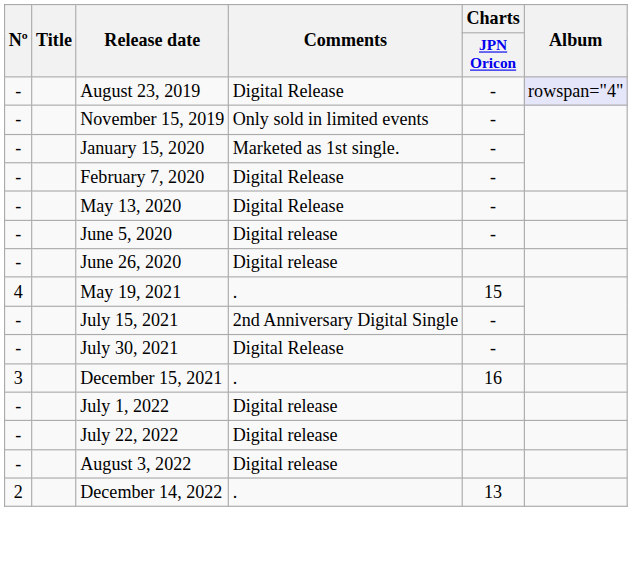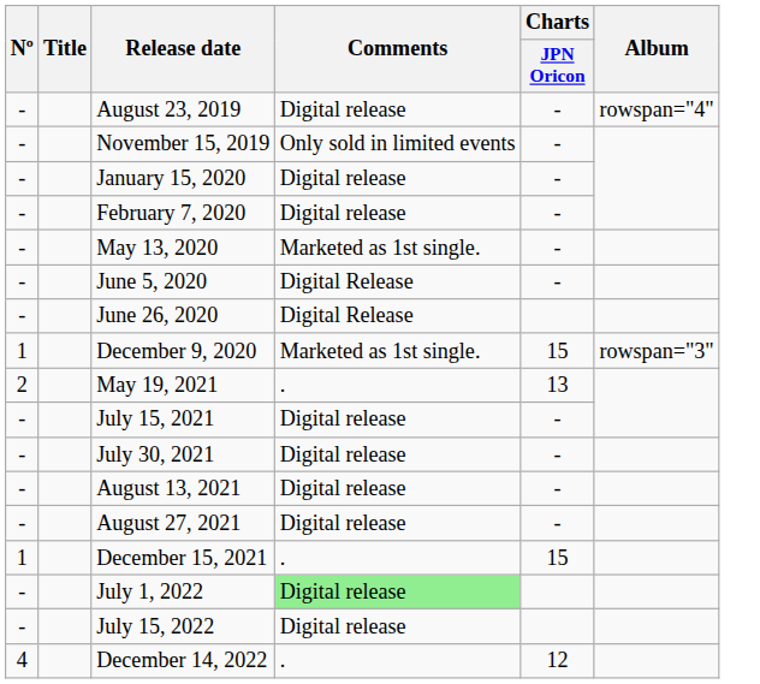 <table class="wikitable">
 <tr>
 <th rowspan="2">Nº</th>
 <th rowspan="2">Title</th>
 <th rowspan="2">Release date</th>
 <th rowspan="2">Comments</th>
 <th colspan="1">Charts</th>
 <th rowspan="2">Album</th>
 </tr>
 <tr>
 <th style="width:3em;font-size:85%;"><a href='#'>JPN<br>Oricon</a><br></th>
 </tr>
 <tr>
 <td align="center">-</td>
 <td></td>
 <td>August 23, 2019</td>
-<td>Digital Release</td>
+<td>Digital release</td>
 <td style="text-align:center;">-</td>
-<td style="background: lavender;">rowspan="4" </td>
+<td>rowspan="4" </td>
 </tr>
 <tr>
 <td align="center">-</td>
 <td></td>
 <td>November 15, 2019</td>
 <td>Only sold in limited events</td>
 <td style="text-align:center;">-</td>
 </tr>
 <tr>
 <td align="center">-</td>
 <td></td>
 <td>January 15, 2020</td>
-<td>Marketed as 1st single.</td>
+<td>Digital release</td>
 <td style="text-align:center;">-</td>
 </tr>
 <tr>
 <td align="center">-</td>
 <td></td>
 <td>February 7, 2020</td>
-<td>Digital Release</td>
+<td>Digital release</td>
 <td style="text-align:center;">-</td>
 </tr>
 <tr>
 <td align="center">-</td>
 <td></td>
 <td>May 13, 2020</td>
+<td>Marketed as 1st single.</td>
+<td style="text-align:center;">-</td>
+<td></td>
+</tr>
+<tr>
+<td align="center">-</td>
+<td></td>
+<td>June 5, 2020</td>
 <td>Digital Release</td>
 <td style="text-align:center;">-</td>
 <td></td>
 </tr>
 <tr>
 <td align="center">-</td>
 <td></td>
-<td>June 5, 2020</td>
+<td>June 26, 2020</td>
+<td>Digital Release</td>
+<td></td>
+<td></td>
+</tr>
+<tr>
+<td align="center">1</td>
+<td></td>
+<td>December 9, 2020</td>
+<td>Marketed as 1st single.</td>
+<td style="text-align:center;">15</td>
+<td>rowspan="3" </td>
+</tr>
+<tr>
+<td align="center">2</td>
+<td></td>
+<td>May 19, 2021</td>
+<td>.</td>
+<td style="text-align:center;">13</td>
+</tr>
+<tr>
+<td align="center">-</td>
+<td></td>
+<td>July 15, 2021</td>
+<td>Digital release</td>
+<td style="text-align:center;">-</td>
+</tr>
+<tr>
+<td align="center">-</td>
+<td></td>
+<td>July 30, 2021</td>
 <td>Digital release</td>
 <td style="text-align:center;">-</td>
 <td></td>
 </tr>
 <tr>
 <td align="center">-</td>
 <td></td>
-<td>June 26, 2020</td>
+<td>August 13, 2021</td>
+<td>Digital release</td>
+<td style="text-align:center;">-</td>
+<td></td>
+</tr>
+<tr>
+<td align="center">-</td>
+<td></td>
+<td>August 27, 2021</td>
+<td>Digital release</td>
+<td style="text-align:center;">-</td>
+<td></td>
+</tr>
+<tr>
+<td align="center">1</td>
+<td></td>
+<td>December 15, 2021</td>
+<td>.</td>
+<td style="text-align:center;">15</td>
+<td></td>
+</tr>
+<tr>
+<td align="center">-</td>
+<td></td>
+<td>July 1, 2022</td>
+<td style="background: lightgreen;">Digital release</td>
+<td></td>
+<td></td>
+</tr>
+<tr>
+<td align="center">-</td>
+<td></td>
+<td>July 15, 2022</td>
 <td>Digital release</td>
 <td></td>
 <td></td>
 </tr>
 <tr>
 <td align="center">4</td>
 <td></td>
-<td>May 19, 2021</td>
-<td>.</td>
-<td style="text-align:center;">15</td>
-</tr>
-<tr>
-<td align="center">-</td>
-<td></td>
-<td>July 15, 2021</td>
-<td>2nd Anniversary Digital Single</td>
-<td style="text-align:center;">-</td>
-</tr>
-<tr>
-<td align="center">-</td>
-<td></td>
-<td>July 30, 2021</td>
-<td>Digital Release</td>
-<td style="text-align:center;">-</td>
-<td></td>
-</tr>
-<tr>
-<td align="center">3</td>
-<td></td>
-<td>December 15, 2021</td>
-<td>.</td>
-<td style="text-align:center;">16</td>
-<td></td>
-</tr>
-<tr>
-<td align="center">-</td>
-<td></td>
-<td>July 1, 2022</td>
-<td>Digital release</td>
-<td></td>
-<td></td>
-</tr>
-<tr>
-<td align="center">-</td>
-<td></td>
-<td>July 22, 2022</td>
-<td>Digital release</td>
-<td></td>
-<td></td>
-</tr>
-<tr>
-<td align="center">-</td>
-<td></td>
-<td>August 3, 2022</td>
-<td>Digital release</td>
-<td></td>
-<td></td>
-</tr>
-<tr>
-<td align="center">2</td>
-<td></td>
 <td>December 14, 2022</td>
 <td>.</td>
-<td style="text-align:center;">13</td>
+<td style="text-align:center;">12</td>
 <td></td>
 </tr>
 </table>
